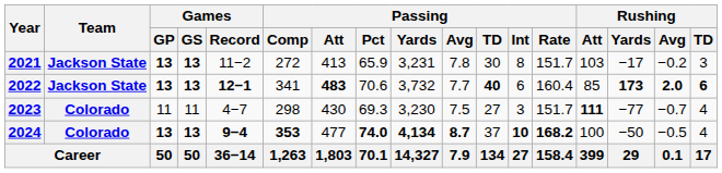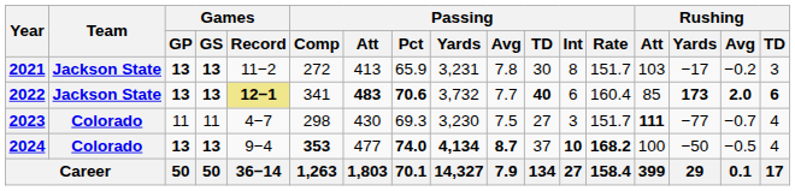 <table class="wikitable" style="text-align:center;">
 <tr>
 <th rowspan="2">Year</th>
 <th rowspan="2">Team</th>
 <th colspan="3">Games</th>
 <th colspan="8">Passing</th>
 <th colspan="5">Rushing</th>
 </tr>
 <tr>
 <th>GP</th>
 <th>GS</th>
 <th>Record</th>
 <th>Comp</th>
 <th>Att</th>
 <th>Pct</th>
 <th>Yards</th>
 <th>Avg</th>
 <th>TD</th>
 <th>Int</th>
 <th>Rate</th>
 <th>Att</th>
 <th>Yards</th>
 <th>Avg</th>
 <th>TD</th>
 </tr>
 <tr>
 <th><a href='#'>2021</a></th>
 <th><a href='#'>Jackson State</a></th>
 <td><strong>13</strong></td>
 <td><strong>13</strong></td>
 <td>11−2</td>
 <td>272</td>
 <td>413</td>
 <td>65.9</td>
 <td>3,231</td>
 <td>7.8</td>
 <td>30</td>
 <td>8</td>
 <td>151.7</td>
 <td>103</td>
 <td>−17</td>
 <td>−0.2</td>
 <td>3</td>
 </tr>
 <tr>
 <th><a href='#'>2022</a></th>
 <th><a href='#'>Jackson State</a></th>
 <td><strong>13</strong></td>
 <td><strong>13</strong></td>
-<td><strong>12−1</strong></td>
+<td style="background: khaki;"><strong>12−1</strong></td>
 <td>341</td>
 <td><strong>483</strong></td>
-<td>70.6</td>
+<td><strong>70.6</strong></td>
 <td>3,732</td>
 <td>7.7</td>
 <td><strong>40</strong></td>
 <td>6</td>
 <td>160.4</td>
 <td>85</td>
 <td><strong>173</strong></td>
 <td><strong>2.0</strong></td>
 <td><strong>6</strong></td>
 </tr>
 <tr>
 <th><a href='#'>2023</a></th>
 <th><a href='#'>Colorado</a></th>
 <td>11</td>
 <td>11</td>
 <td>4−7</td>
 <td>298</td>
 <td>430</td>
 <td>69.3</td>
 <td>3,230</td>
 <td>7.5</td>
 <td>27</td>
 <td>3</td>
 <td>151.7</td>
 <td><strong>111</strong></td>
 <td>−77</td>
 <td>−0.7</td>
 <td>4</td>
 </tr>
 <tr>
 <th><a href='#'>2024</a></th>
 <th><a href='#'>Colorado</a></th>
 <td><strong>13</strong></td>
 <td><strong>13</strong></td>
-<td><strong>9−4</strong></td>
+<td>9−4</td>
 <td><strong>353</strong></td>
 <td>477</td>
 <td><strong>74.0</strong></td>
 <td><strong>4,134</strong></td>
 <td><strong>8.7</strong></td>
 <td>37</td>
 <td><strong>10</strong></td>
 <td><strong>168.2</strong></td>
 <td>100</td>
 <td>−50</td>
 <td>−0.5</td>
 <td>4</td>
 </tr>
 <tr>
 <th colspan="2">Career</th>
 <th>50</th>
 <th>50</th>
 <th>36−14</th>
 <th>1,263</th>
 <th>1,803</th>
 <th>70.1</th>
 <th>14,327</th>
 <th>7.9</th>
 <th>134</th>
 <th>27</th>
 <th>158.4</th>
 <th>399</th>
 <th>29</th>
 <th>0.1</th>
 <th>17</th>
 </tr>
 </table>
